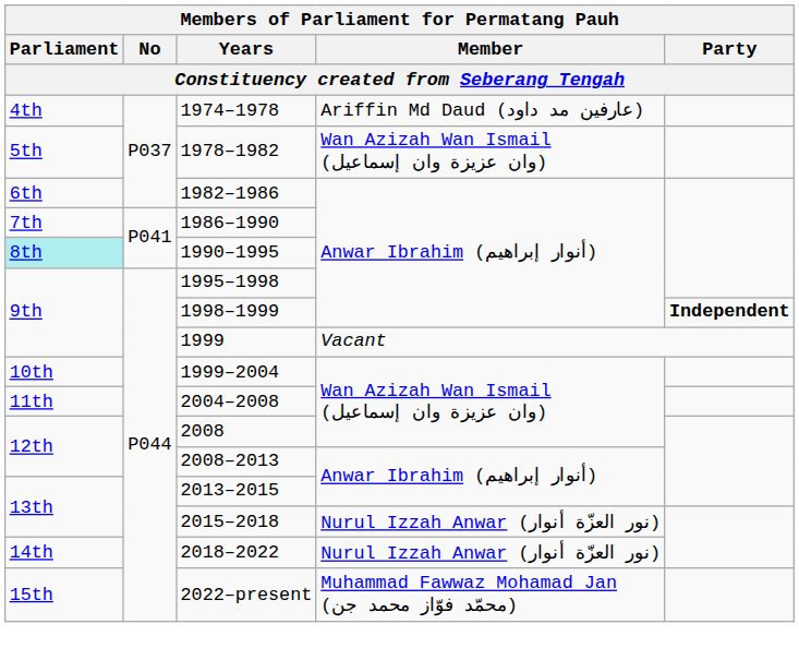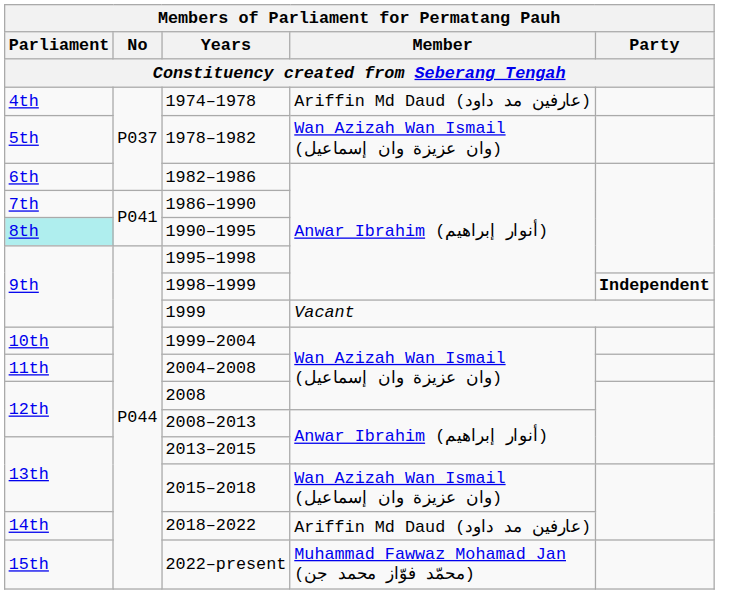 <table class=wikitable>
 <tr>
 <th colspan="5">Members of Parliament for Permatang Pauh</th>
 </tr>
 <tr>
 <th>Parliament</th>
 <th>No</th>
 <th>Years</th>
 <th>Member</th>
 <th>Party</th>
 </tr>
 <tr>
 <th colspan="5" align="center"><em>Constituency created from <a href='#'>Seberang Tengah</a></em></th>
 </tr>
 <tr>
 <td><a href='#'>4th</a></td>
 <td rowspan="3">P037</td>
 <td>1974–1978</td>
 <td>Ariffin Md Daud  (عارفين مد داود)</td>
 <td></td>
 </tr>
 <tr>
 <td><a href='#'>5th</a></td>
 <td>1978–1982</td>
 <td><a href='#'>Wan Azizah Wan Ismail</a> <br>(وان عزيزة وان إسماعيل)</td>
 <td></td>
 </tr>
 <tr>
 <td><a href='#'>6th</a></td>
 <td>1982–1986</td>
 <td rowspan=5><a href='#'>Anwar Ibrahim</a> (أنوار إبراهيم)</td>
 <td rowspan="4"></td>
 </tr>
 <tr>
 <td><a href='#'>7th</a></td>
 <td rowspan="2">P041</td>
 <td>1986–1990</td>
 </tr>
 <tr>
 <td style="background: paleturquoise;"><a href='#'>8th</a></td>
 <td>1990–1995</td>
 </tr>
 <tr>
 <td rowspan=3><a href='#'>9th</a></td>
 <td rowspan="11">P044</td>
 <td>1995–1998</td>
 </tr>
 <tr>
 <td>1998–1999</td>
 <td><strong>Independent</strong></td>
 </tr>
 <tr>
 <td>1999</td>
 <td colspan=2><em>Vacant</td>
 </tr>
 <tr>
 <td><a href='#'>10th</a></td>
 <td>1999–2004</td>
 <td rowspan="3"><a href='#'>Wan Azizah Wan Ismail</a>  <br>(وان عزيزة وان إسماعيل)</td>
 <td></td>
 </tr>
 <tr>
 <td><a href='#'>11th</a></td>
 <td>2004–2008</td>
 <td></td>
 </tr>
 <tr>
 <td rowspan=2><a href='#'>12th</a></td>
 <td>2008</td>
 <td rowspan=3></td>
 </tr>
 <tr>
 <td>2008–2013</td>
 <td rowspan=2><a href='#'>Anwar Ibrahim</a> (أنوار إبراهيم)</td>
 </tr>
 <tr>
 <td rowspan=2><a href='#'>13th</a></td>
 <td>2013–2015</td>
 </tr>
 <tr>
 <td>2015–2018</td>
-<td><a href='#'>Nurul Izzah Anwar</a> (نور العزّة أنوار)</td>
+<td><a href='#'>Wan Azizah Wan Ismail</a> <br>(وان عزيزة وان إسماعيل)</td>
 <td rowspan=2></td>
 </tr>
 <tr>
 <td><a href='#'>14th</a></td>
 <td>2018–2022</td>
-<td><a href='#'>Nurul Izzah Anwar</a> (نور العزّة أنوار)</td>
+<td>Ariffin Md Daud  (عارفين مد داود)</td>
 </tr>
 <tr>
 <td><a href='#'>15th</a></td>
 <td>2022–present</td>
 <td><a href='#'>Muhammad Fawwaz Mohamad Jan</a> <br>(محمّد فوّاز محمد جن)</td>
 <td></td>
 </tr>
 </table>
